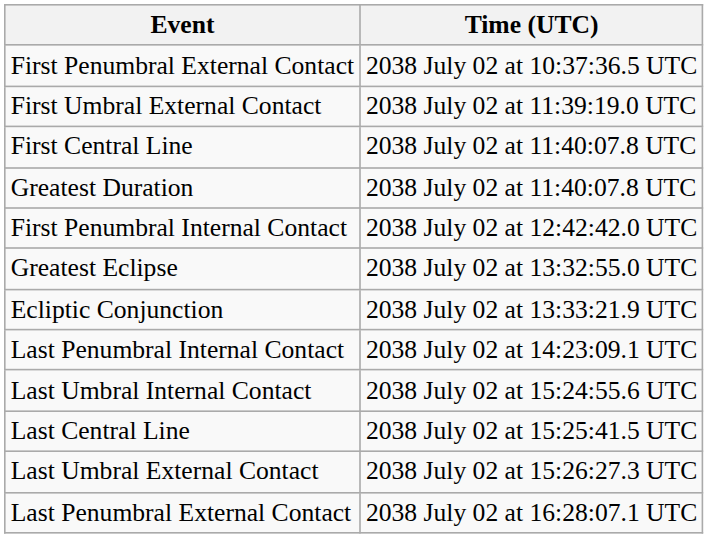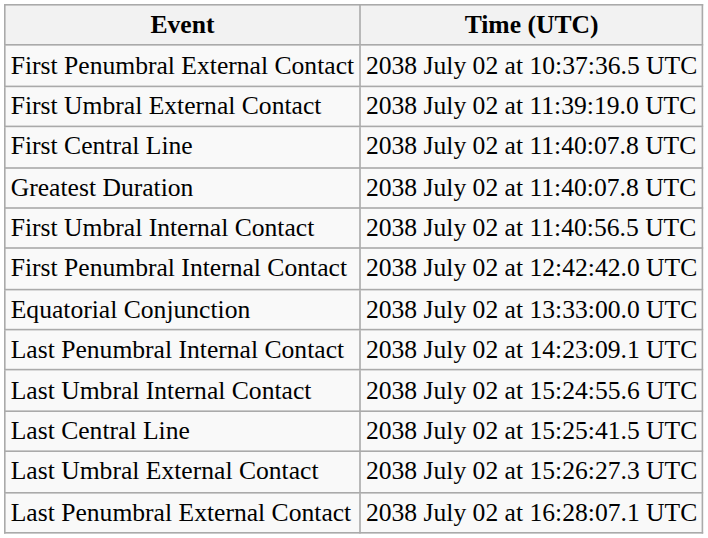 <table class="wikitable">
 <tr>
 <th>Event</th>
 <th>Time (UTC)</th>
 </tr>
 <tr>
 <td>First Penumbral External Contact</td>
 <td>2038 July 02 at 10:37:36.5 UTC</td>
 </tr>
 <tr>
 <td>First Umbral External Contact</td>
 <td>2038 July 02 at 11:39:19.0 UTC</td>
 </tr>
 <tr>
 <td>First Central Line</td>
 <td>2038 July 02 at 11:40:07.8 UTC</td>
 </tr>
 <tr>
 <td>Greatest Duration</td>
 <td>2038 July 02 at 11:40:07.8 UTC</td>
 </tr>
 <tr>
+<td>First Umbral Internal Contact</td>
+<td>2038 July 02 at 11:40:56.5 UTC</td>
+</tr>
+<tr>
 <td>First Penumbral Internal Contact</td>
 <td>2038 July 02 at 12:42:42.0 UTC</td>
 </tr>
 <tr>
-<td>Greatest Eclipse</td>
-<td>2038 July 02 at 13:32:55.0 UTC</td>
-</tr>
-<tr>
-<td>Ecliptic Conjunction</td>
-<td>2038 July 02 at 13:33:21.9 UTC</td>
+<td>Equatorial Conjunction</td>
+<td>2038 July 02 at 13:33:00.0 UTC</td>
 </tr>
 <tr>
 <td>Last Penumbral Internal Contact</td>
 <td>2038 July 02 at 14:23:09.1 UTC</td>
 </tr>
 <tr>
 <td>Last Umbral Internal Contact</td>
 <td>2038 July 02 at 15:24:55.6 UTC</td>
 </tr>
 <tr>
 <td>Last Central Line</td>
 <td>2038 July 02 at 15:25:41.5 UTC</td>
 </tr>
 <tr>
 <td>Last Umbral External Contact</td>
 <td>2038 July 02 at 15:26:27.3 UTC</td>
 </tr>
 <tr>
 <td>Last Penumbral External Contact</td>
 <td>2038 July 02 at 16:28:07.1 UTC</td>
 </tr>
 </table>
